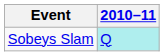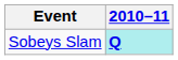 <table class="wikitable" border="1">
 <tr>
 <th>Event</th>
 <th><a href='#'>2010–11</a></th>
 </tr>
 <tr>
 <td><a href='#'>Sobeys Slam</a></td>
-<td style="background:#afeeee;"><a href='#'>Q</a></td>
+<td style="background:#afeeee;"><strong><a href='#'>Q</a></strong></td>
 </tr>
 </table>
